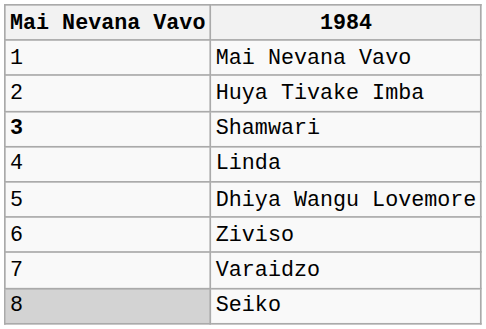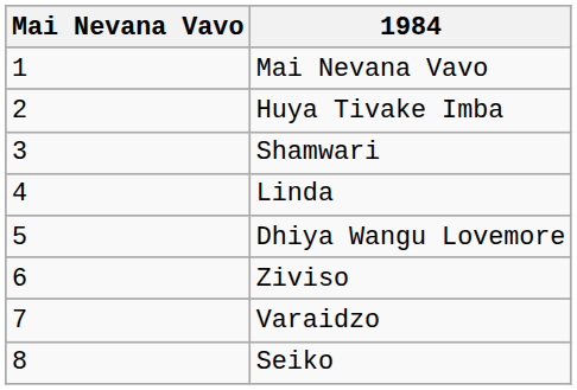 <table class="wikitable">
 <tr>
 <th>Mai Nevana Vavo</th>
 <th>1984</th>
 </tr>
 <tr>
 <td>1</td>
 <td>Mai Nevana Vavo</td>
 </tr>
 <tr>
 <td>2</td>
 <td>Huya Tivake Imba</td>
 </tr>
 <tr>
-<td><strong>3</strong></td>
+<td>3</td>
 <td>Shamwari</td>
 </tr>
 <tr>
 <td>4</td>
 <td>Linda</td>
 </tr>
 <tr>
 <td>5</td>
 <td>Dhiya Wangu Lovemore</td>
 </tr>
 <tr>
 <td>6</td>
 <td>Ziviso</td>
 </tr>
 <tr>
 <td>7</td>
 <td>Varaidzo</td>
 </tr>
 <tr>
-<td style="background: lightgrey;">8</td>
+<td>8</td>
 <td>Seiko</td>
 </tr>
 </table>
